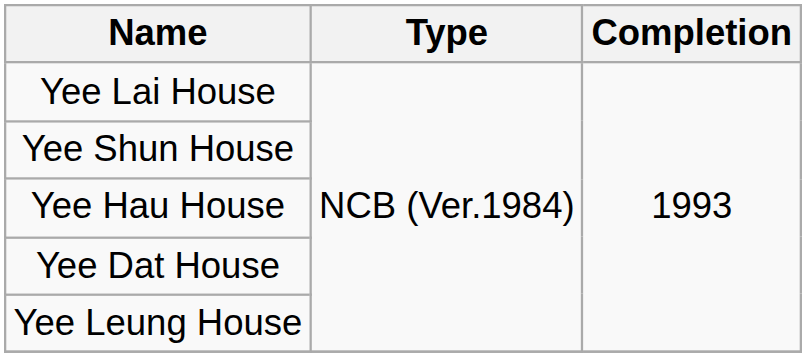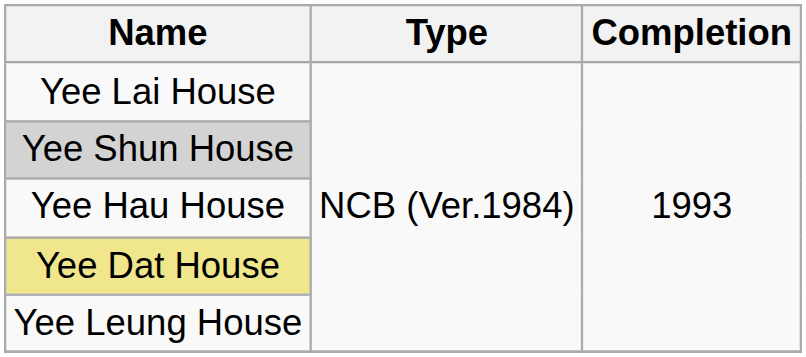 <table class="wikitable" style="text-align: center">
 <tr>
 <th>Name</th>
 <th>Type</th>
 <th>Completion</th>
 </tr>
 <tr>
 <td>Yee Lai House</td>
 <td rowspan="5">NCB (Ver.1984)</td>
 <td rowspan="5">1993</td>
 </tr>
 <tr>
-<td>Yee Shun House</td>
+<td style="background: lightgrey;">Yee Shun House</td>
 </tr>
 <tr>
 <td>Yee Hau House</td>
 </tr>
 <tr>
-<td>Yee Dat House</td>
+<td style="background: khaki;">Yee Dat House</td>
 </tr>
 <tr>
 <td>Yee Leung House</td>
 </tr>
 <tr>
 </tr>
 </table>
